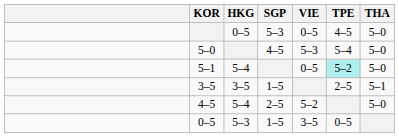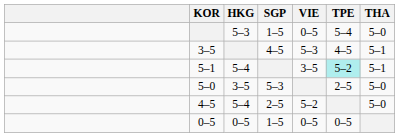 <table class="wikitable" style="text-align:center">
 <tr>
 <th width="250"> </th>
 <th width="40">KOR</th>
 <th width="40">HKG</th>
 <th width="40">SGP</th>
 <th width="40">VIE</th>
 <th width="40">TPE</th>
 <th width="40">THA</th>
 </tr>
 <tr>
 <td align=left></td>
 <th></th>
+<td>5–3</td>
+<td>1–5</td>
 <td>0–5</td>
-<td>5–3</td>
-<td>0–5</td>
-<td>4–5</td>
+<td>5–4</td>
 <td>5–0</td>
 </tr>
 <tr>
 <td align=left></td>
-<td>5–0</td>
+<td>3–5</td>
 <th></th>
 <td>4–5</td>
 <td>5–3</td>
-<td>5–4</td>
-<td>5–0</td>
+<td>4–5</td>
+<td>5–1</td>
 </tr>
 <tr>
 <td align=left></td>
 <td>5–1</td>
 <td>5–4</td>
 <th></th>
-<td>0–5</td>
+<td>3–5</td>
 <td style="background: paleturquoise;">5–2</td>
-<td>5–0</td>
+<td>5–1</td>
 </tr>
 <tr>
 <td align=left></td>
+<td>5–0</td>
 <td>3–5</td>
-<td>3–5</td>
-<td>1–5</td>
+<td>5–3</td>
 <th></th>
 <td>2–5</td>
-<td>5–1</td>
+<td>5–0</td>
 </tr>
 <tr>
 <td align=left></td>
 <td>4–5</td>
 <td>5–4</td>
 <td>2–5</td>
 <td>5–2</td>
 <th></th>
 <td>5–0</td>
 </tr>
 <tr>
 <td align=left></td>
 <td>0–5</td>
-<td>5–3</td>
+<td>0–5</td>
 <td>1–5</td>
-<td>3–5</td>
+<td>0–5</td>
 <td>0–5</td>
 <th></th>
 </tr>
 </table>
